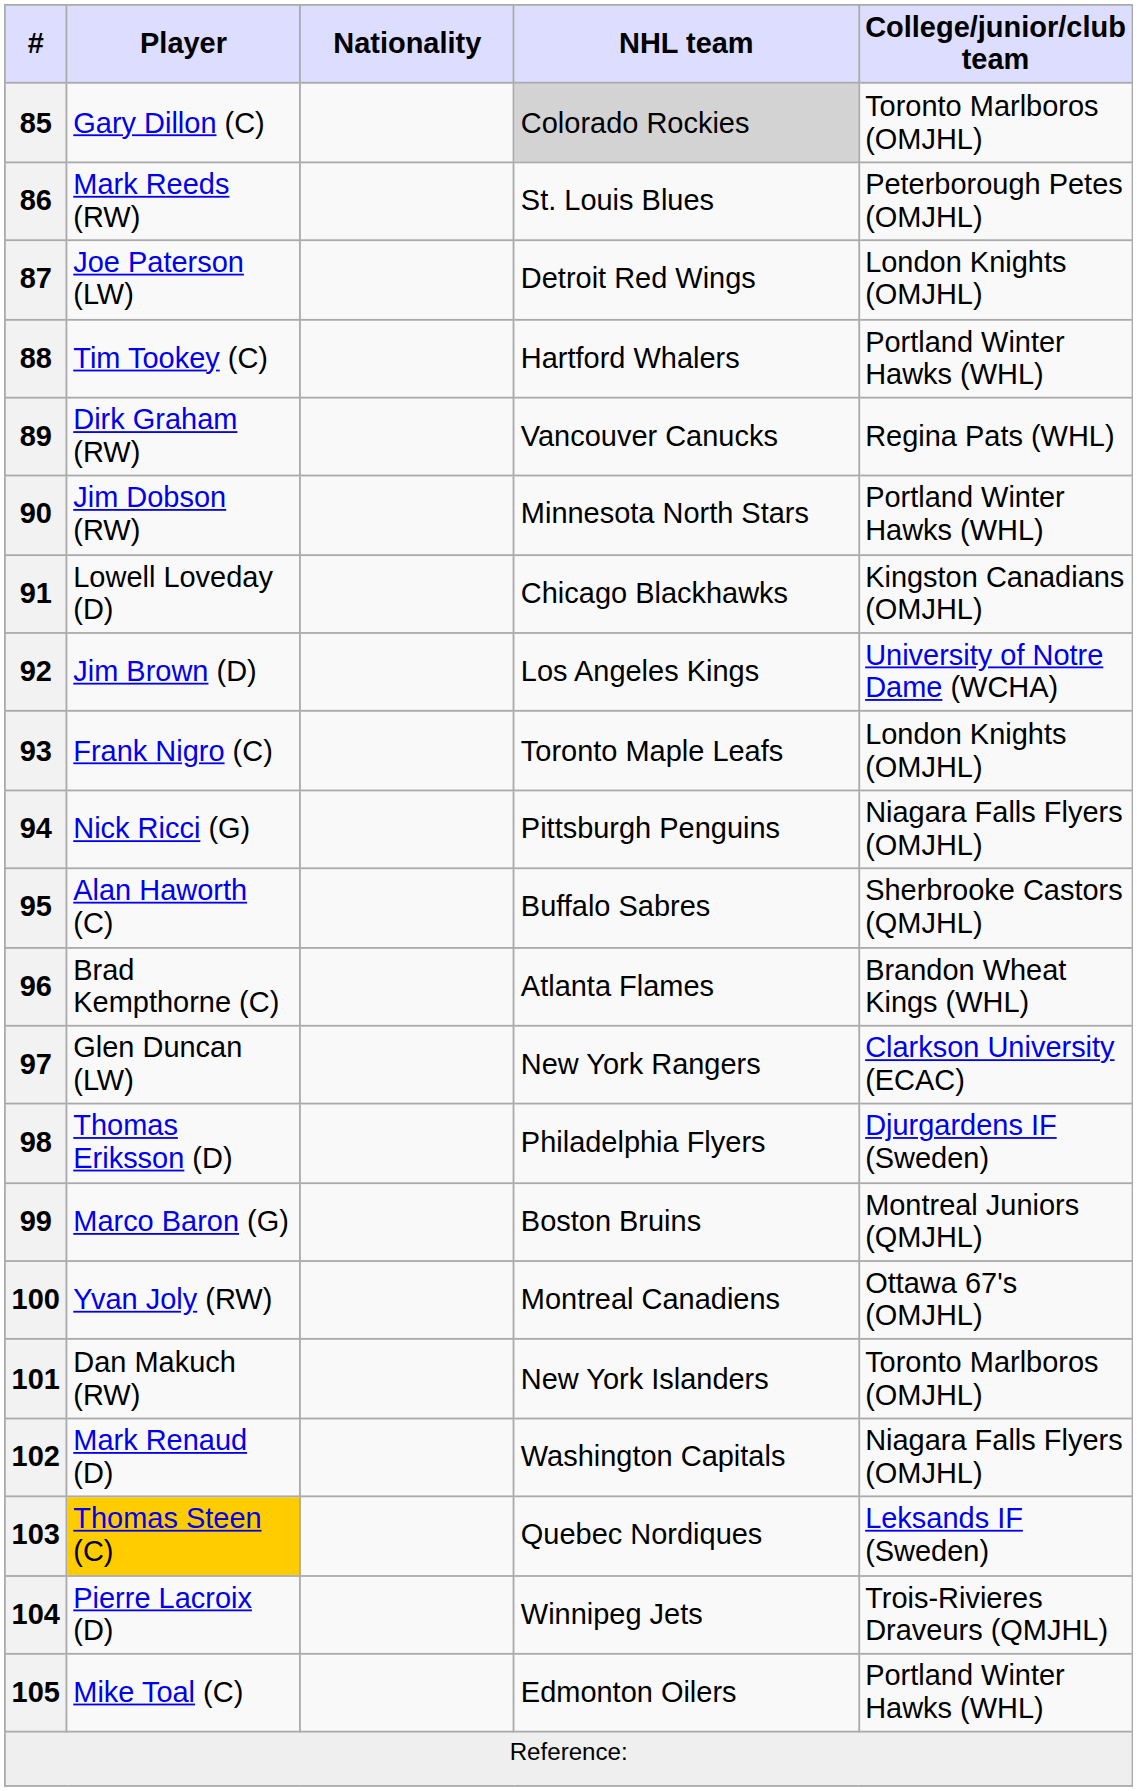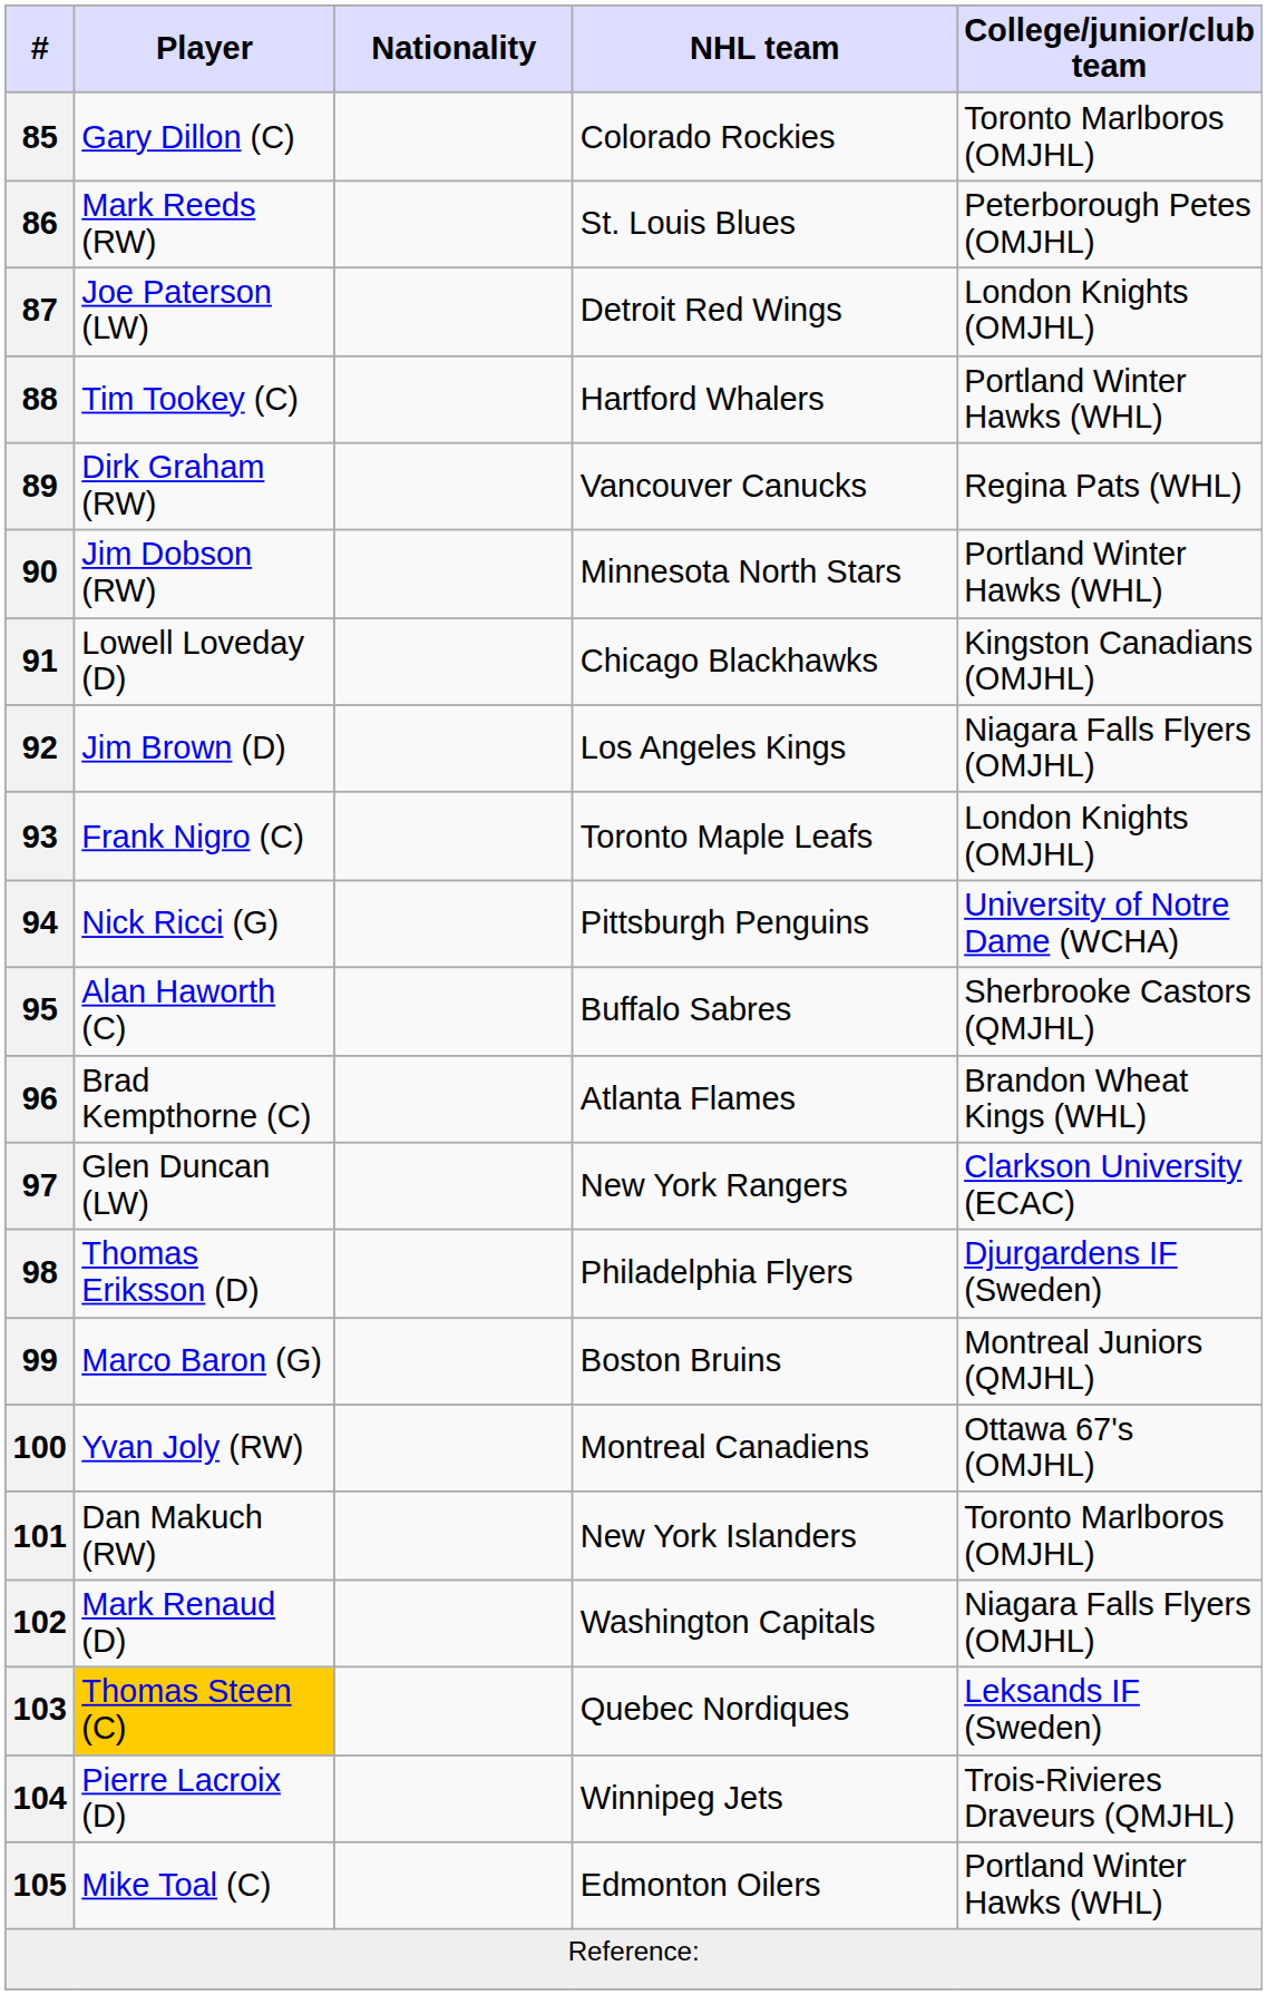 <table class="wikitable" style="width: 100%">
 <tr>
 <th style="background:#ddf; width:2.75%;">#</th>
 <th style="background:#ddf; width:22.0%;">Player</th>
 <th style="background:#ddf; width:20.0%;">Nationality</th>
 <th style="background:#ddf; width:34.0%;">NHL team</th>
 <th style="background:#ddf; width:100.0%;">College/junior/club team</th>
 </tr>
 <tr>
 <th>85</th>
 <td><a href='#'>Gary Dillon</a> (C)</td>
 <td></td>
-<td style="background: lightgrey;">Colorado Rockies</td>
+<td>Colorado Rockies</td>
 <td>Toronto Marlboros (OMJHL)</td>
 </tr>
 <tr>
 <th>86</th>
 <td><a href='#'>Mark Reeds</a> (RW)</td>
 <td></td>
 <td>St. Louis Blues</td>
 <td>Peterborough Petes (OMJHL)</td>
 </tr>
 <tr>
 <th>87</th>
 <td><a href='#'>Joe Paterson</a> (LW)</td>
 <td></td>
 <td>Detroit Red Wings</td>
 <td>London Knights (OMJHL)</td>
 </tr>
 <tr>
 <th>88</th>
 <td><a href='#'>Tim Tookey</a> (C)</td>
 <td></td>
 <td>Hartford Whalers</td>
 <td>Portland Winter Hawks (WHL)</td>
 </tr>
 <tr>
 <th>89</th>
 <td><a href='#'>Dirk Graham</a> (RW)</td>
 <td></td>
 <td>Vancouver Canucks</td>
 <td>Regina Pats (WHL)</td>
 </tr>
 <tr>
 <th>90</th>
 <td><a href='#'>Jim Dobson</a> (RW)</td>
 <td></td>
 <td>Minnesota North Stars</td>
 <td>Portland Winter Hawks (WHL)</td>
 </tr>
 <tr>
 <th>91</th>
 <td>Lowell Loveday (D)</td>
 <td></td>
 <td>Chicago Blackhawks</td>
 <td>Kingston Canadians (OMJHL)</td>
 </tr>
 <tr>
 <th>92</th>
 <td><a href='#'>Jim Brown</a> (D)</td>
 <td></td>
 <td>Los Angeles Kings</td>
-<td><a href='#'>University of Notre Dame</a> (WCHA)</td>
+<td>Niagara Falls Flyers (OMJHL)</td>
 </tr>
 <tr>
 <th>93</th>
 <td><a href='#'>Frank Nigro</a> (C)</td>
 <td></td>
 <td>Toronto Maple Leafs</td>
 <td>London Knights (OMJHL)</td>
 </tr>
 <tr>
 <th>94</th>
 <td><a href='#'>Nick Ricci</a> (G)</td>
 <td></td>
 <td>Pittsburgh Penguins</td>
-<td>Niagara Falls Flyers (OMJHL)</td>
+<td><a href='#'>University of Notre Dame</a> (WCHA)</td>
 </tr>
 <tr>
 <th>95</th>
 <td><a href='#'>Alan Haworth</a> (C)</td>
 <td></td>
 <td>Buffalo Sabres</td>
 <td>Sherbrooke Castors (QMJHL)</td>
 </tr>
 <tr>
 <th>96</th>
 <td>Brad Kempthorne (C)</td>
 <td></td>
 <td>Atlanta Flames</td>
 <td>Brandon Wheat Kings (WHL)</td>
 </tr>
 <tr>
 <th>97</th>
 <td>Glen Duncan (LW)</td>
 <td></td>
 <td>New York Rangers</td>
 <td><a href='#'>Clarkson University</a> (ECAC)</td>
 </tr>
 <tr>
 <th>98</th>
 <td><a href='#'>Thomas Eriksson</a> (D)</td>
 <td></td>
 <td>Philadelphia Flyers</td>
 <td><a href='#'>Djurgardens IF</a> (Sweden)</td>
 </tr>
 <tr>
 <th>99</th>
 <td><a href='#'>Marco Baron</a> (G)</td>
 <td></td>
 <td>Boston Bruins</td>
 <td>Montreal Juniors (QMJHL)</td>
 </tr>
 <tr>
 <th>100</th>
 <td><a href='#'>Yvan Joly</a> (RW)</td>
 <td></td>
 <td>Montreal Canadiens</td>
 <td>Ottawa 67's (OMJHL)</td>
 </tr>
 <tr>
 <th>101</th>
 <td>Dan Makuch (RW)</td>
 <td></td>
 <td>New York Islanders</td>
 <td>Toronto Marlboros (OMJHL)</td>
 </tr>
 <tr>
 <th>102</th>
 <td><a href='#'>Mark Renaud</a> (D)</td>
 <td></td>
 <td>Washington Capitals</td>
 <td>Niagara Falls Flyers (OMJHL)</td>
 </tr>
 <tr>
 <th>103</th>
 <td bgcolor="#FFCC00"><a href='#'>Thomas Steen</a> (C)</td>
 <td></td>
 <td>Quebec Nordiques</td>
 <td><a href='#'>Leksands IF</a> (Sweden)</td>
 </tr>
 <tr>
 <th>104</th>
 <td><a href='#'>Pierre Lacroix</a> (D)</td>
 <td></td>
 <td>Winnipeg Jets</td>
 <td>Trois-Rivieres Draveurs (QMJHL)</td>
 </tr>
 <tr>
 <th>105</th>
 <td><a href='#'>Mike Toal</a> (C)</td>
 <td></td>
 <td>Edmonton Oilers</td>
 <td>Portland Winter Hawks (WHL)</td>
 </tr>
 <tr>
 <td align=center colspan="6" bgcolor="#efefef"><sup>Reference: </sup></td>
 </tr>
 </table>
